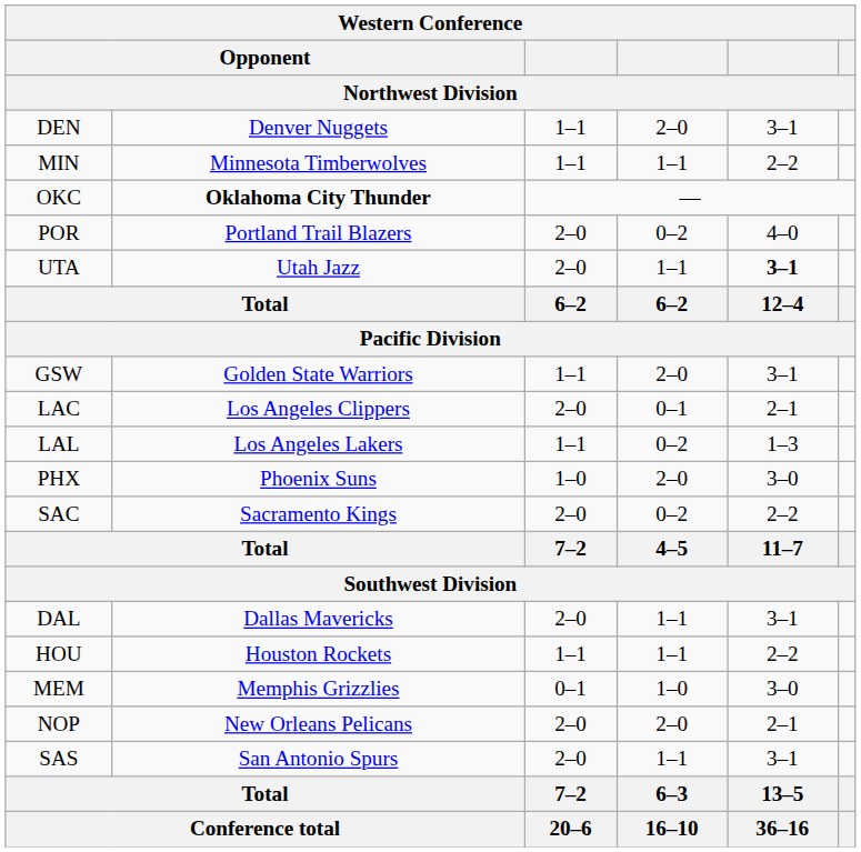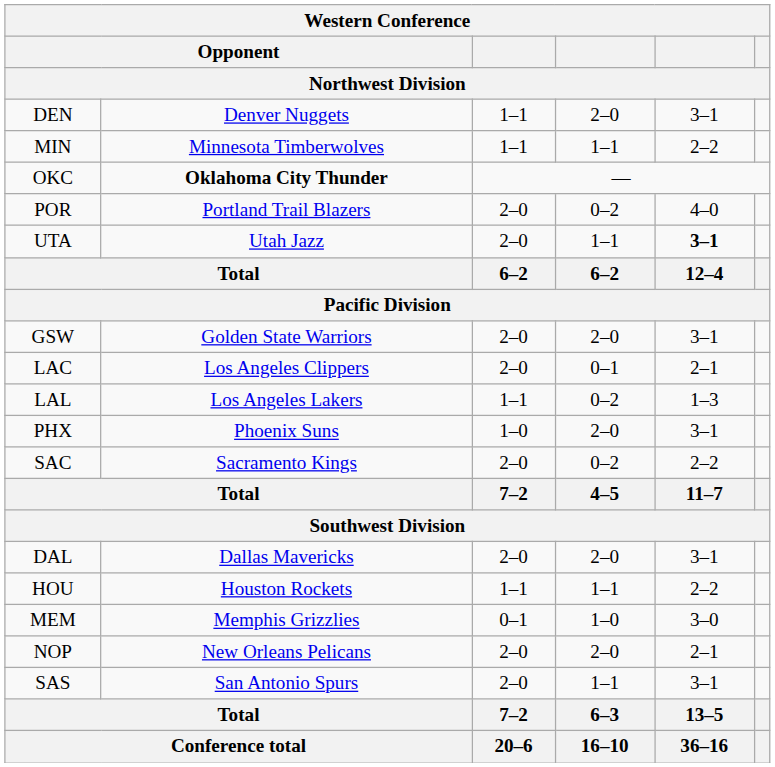 <table class="wikitable" style="margin:1em auto; font-size:95%; text-align:center; width:40em;">
 <tr>
 <th colspan="6">Western Conference</th>
 </tr>
 <tr>
 <th colspan="2">Opponent</th>
 <th></th>
 <th></th>
 <th></th>
 <th></th>
 </tr>
 <tr>
 <th colspan="6">Northwest Division</th>
 </tr>
 <tr>
 <td>DEN</td>
 <td><a href='#'>Denver Nuggets</a></td>
 <td>1–1</td>
 <td>2–0</td>
 <td>3–1</td>
 <td></td>
 </tr>
 <tr>
 <td>MIN</td>
 <td><a href='#'>Minnesota Timberwolves</a></td>
 <td>1–1</td>
 <td>1–1</td>
 <td>2–2</td>
 <td></td>
 </tr>
 <tr>
 <td>OKC</td>
 <td><strong>Oklahoma City Thunder</strong></td>
 <td colspan="6">—</td>
 </tr>
 <tr>
 <td>POR</td>
 <td><a href='#'>Portland Trail Blazers</a></td>
 <td>2–0</td>
 <td>0–2</td>
 <td>4–0</td>
 <td></td>
 </tr>
 <tr>
 <td>UTA</td>
 <td><a href='#'>Utah Jazz</a></td>
 <td>2–0</td>
 <td>1–1</td>
 <td><strong>3–1</strong></td>
 <td></td>
 </tr>
 <tr>
 <th colspan="2">Total</th>
 <th>6–2</th>
 <th>6–2</th>
 <th>12–4</th>
 <th></th>
 </tr>
 <tr>
 <th colspan="6">Pacific Division</th>
 </tr>
 <tr>
 <td>GSW</td>
 <td><a href='#'>Golden State Warriors</a></td>
-<td>1–1</td>
+<td>2–0</td>
 <td>2–0</td>
 <td>3–1</td>
 <td></td>
 </tr>
 <tr>
 <td>LAC</td>
 <td><a href='#'>Los Angeles Clippers</a></td>
 <td>2–0</td>
 <td>0–1</td>
 <td>2–1</td>
 <td></td>
 </tr>
 <tr>
 <td>LAL</td>
 <td><a href='#'>Los Angeles Lakers</a></td>
 <td>1–1</td>
 <td>0–2</td>
 <td>1–3</td>
 <td></td>
 </tr>
 <tr>
 <td>PHX</td>
 <td><a href='#'>Phoenix Suns</a></td>
 <td>1–0</td>
 <td>2–0</td>
-<td>3–0</td>
+<td>3–1</td>
 <td></td>
 </tr>
 <tr>
 <td>SAC</td>
 <td><a href='#'>Sacramento Kings</a></td>
 <td>2–0</td>
 <td>0–2</td>
 <td>2–2</td>
 <td></td>
 </tr>
 <tr>
 <th colspan="2">Total</th>
 <th>7–2</th>
 <th>4–5</th>
 <th>11–7</th>
 <th></th>
 </tr>
 <tr>
 <th colspan="6">Southwest Division</th>
 </tr>
 <tr>
 <td>DAL</td>
 <td><a href='#'>Dallas Mavericks</a></td>
 <td>2–0</td>
-<td>1–1</td>
+<td>2–0</td>
 <td>3–1</td>
 <td></td>
 </tr>
 <tr>
 <td>HOU</td>
 <td><a href='#'>Houston Rockets</a></td>
 <td>1–1</td>
 <td>1–1</td>
 <td>2–2</td>
 <td></td>
 </tr>
 <tr>
 <td>MEM</td>
 <td><a href='#'>Memphis Grizzlies</a></td>
 <td>0–1</td>
 <td>1–0</td>
 <td>3–0</td>
 <td></td>
 </tr>
 <tr>
 <td>NOP</td>
 <td><a href='#'>New Orleans Pelicans</a></td>
 <td>2–0</td>
 <td>2–0</td>
 <td>2–1</td>
 <td></td>
 </tr>
 <tr>
 <td>SAS</td>
 <td><a href='#'>San Antonio Spurs</a></td>
 <td>2–0</td>
 <td>1–1</td>
 <td>3–1</td>
 <td></td>
 </tr>
 <tr>
 <th colspan="2">Total</th>
 <th>7–2</th>
 <th>6–3</th>
 <th>13–5</th>
 <th></th>
 </tr>
 <tr>
 <th colspan="2">Conference total</th>
 <th>20–6</th>
 <th>16–10</th>
 <th>36–16</th>
 <th></th>
 </tr>
 </table>
